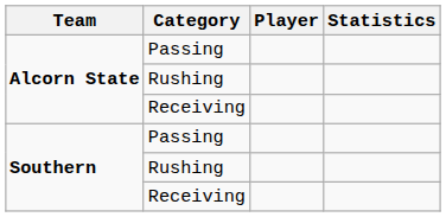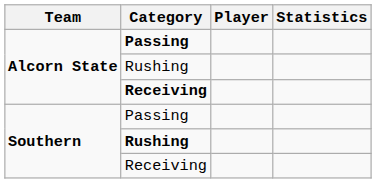 <table class="wikitable" style="float: right;">
 <tr>
 <th>Team</th>
 <th>Category</th>
 <th>Player</th>
 <th>Statistics</th>
 </tr>
 <tr>
 <td rowspan=3><strong>Alcorn State</strong></td>
-<td>Passing</td>
+<td><strong>Passing</strong></td>
 <td></td>
 <td></td>
 </tr>
 <tr>
 <td>Rushing</td>
 <td></td>
 <td></td>
 </tr>
 <tr>
-<td>Receiving</td>
+<td><strong>Receiving</strong></td>
 <td></td>
 <td></td>
 </tr>
 <tr>
 <td rowspan=3><strong>Southern</strong></td>
 <td>Passing</td>
 <td></td>
 <td></td>
 </tr>
 <tr>
-<td>Rushing</td>
+<td><strong>Rushing</strong></td>
 <td></td>
 <td></td>
 </tr>
 <tr>
 <td>Receiving</td>
 <td></td>
 <td></td>
 </tr>
 </table>
